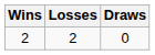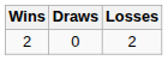 <table class="wikitable">
 <tr>
 <th>Wins</th>
+<th>Draws</th>
 <th>Losses</th>
-<th>Draws</th>
 </tr>
 <tr>
 <td align="center">2</td>
+<td align="center">0</td>
 <td align="center">2</td>
-<td align="center">0</td>
 </tr>
 </table>
